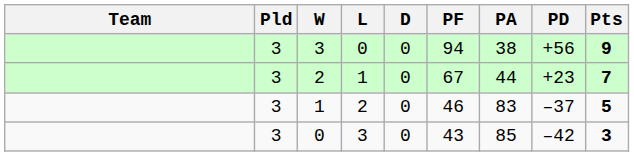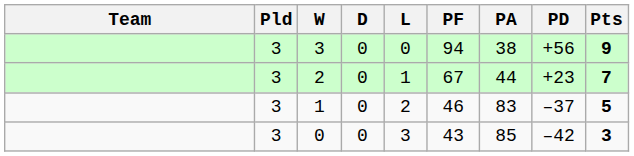 <table class="wikitable" style="text-align:center;">
 <tr>
 <th width=175>Team</th>
 <th width=25 abbr="Played">Pld</th>
 <th width=25 abbr="Won">W</th>
+<th width=25 abbr="Drawn">D</th>
 <th width=25 abbr="Lost">L</th>
-<th width=25 abbr="Drawn">D</th>
 <th width=32 abbr="Points for">PF</th>
 <th width=32 abbr="Points against">PA</th>
 <th width=32 abbr="Points difference">PD</th>
 <th width=25 abbr="Points">Pts</th>
 </tr>
 <tr bgcolor=ccffcc>
 <td align=left></td>
 <td>3</td>
 <td>3</td>
 <td>0</td>
 <td>0</td>
 <td>94</td>
 <td>38</td>
 <td>+56</td>
 <td><strong>9</strong></td>
 </tr>
 <tr bgcolor=ccffcc>
 <td align=left></td>
 <td>3</td>
 <td>2</td>
+<td>0</td>
 <td>1</td>
-<td>0</td>
 <td>67</td>
 <td>44</td>
 <td>+23</td>
 <td><strong>7</strong></td>
 </tr>
 <tr>
 <td align=left></td>
 <td>3</td>
 <td>1</td>
+<td>0</td>
 <td>2</td>
-<td>0</td>
 <td>46</td>
 <td>83</td>
 <td>–37</td>
 <td><strong>5</strong></td>
 </tr>
 <tr>
 <td align=left></td>
 <td>3</td>
 <td>0</td>
+<td>0</td>
 <td>3</td>
-<td>0</td>
 <td>43</td>
 <td>85</td>
 <td>–42</td>
 <td><strong>3</strong></td>
 </tr>
 </table>
